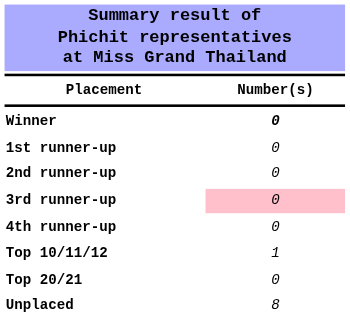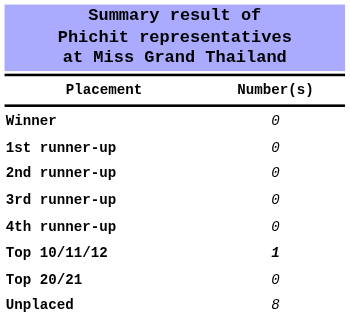 <table style="width: 270px; font-size:85%; line-height:1.5em;">
 <tr>
 <th colspan="2" align="center" style="background:#AAF;"><big>Summary result of<br>Phichit representatives<br>at Miss Grand Thailand</big></th>
 </tr>
 <tr>
 <td colspan="2" style="background:black"></td>
 </tr>
 <tr>
 <th scope="col">Placement</th>
 <th scope="col">Number(s)</th>
 </tr>
 <tr>
 <td colspan="2" style="background:black"></td>
 </tr>
 <tr>
 <td align="left"><strong>Winner</strong></td>
-<td align="center"><strong><em>0</em></strong></td>
+<td align="center"><em>0</em></td>
 </tr>
 <tr>
 <td align="left"><strong>1st runner-up</strong></td>
 <td align="center"><em>0</em></td>
 </tr>
 <tr>
 <td align="left"><strong>2nd runner-up</strong></td>
 <td align="center"><em>0</em></td>
 </tr>
 <tr>
 <td align="left"><strong>3rd runner-up</strong></td>
-<td align="center" style="background: pink;"><em>0</em></td>
+<td align="center"><em>0</em></td>
 </tr>
 <tr>
 <td align="left"><strong>4th runner-up</strong></td>
 <td align="center"><em>0</em></td>
 </tr>
 <tr>
 <td align="left"><strong>Top 10/11/12</strong></td>
-<td align="center"><em>1</em></td>
+<td align="center"><strong><em>1</em></strong></td>
 </tr>
 <tr>
 <td align="left"><strong>Top 20/21</strong></td>
 <td align="center"><em>0</em></td>
 </tr>
 <tr>
 <td align="left"><strong>Unplaced</strong></td>
 <td align="center"><em>8</em></td>
 </tr>
 </table>
